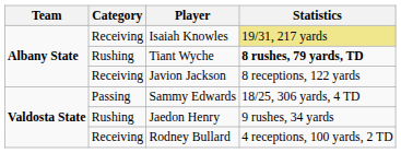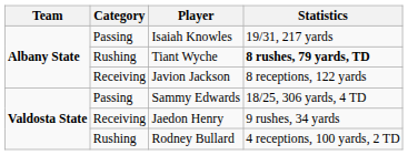 <table class="wikitable" style="float: left;">
 <tr>
 <th>Team</th>
 <th>Category</th>
 <th>Player</th>
 <th>Statistics</th>
 </tr>
 <tr>
 <td rowspan=3><strong>Albany State</strong></td>
-<td>Receiving</td>
+<td>Passing</td>
 <td>Isaiah Knowles</td>
-<td style="background: khaki;">19/31, 217 yards</td>
+<td>19/31, 217 yards</td>
 </tr>
 <tr>
 <td>Rushing</td>
 <td>Tiant Wyche</td>
 <td><strong>8 rushes, 79 yards, TD</strong></td>
 </tr>
 <tr>
 <td>Receiving</td>
 <td>Javion Jackson</td>
 <td>8 receptions, 122 yards</td>
 </tr>
 <tr>
 <td rowspan=3><strong>Valdosta State</strong></td>
 <td>Passing</td>
 <td>Sammy Edwards</td>
 <td>18/25, 306 yards, 4 TD</td>
 </tr>
 <tr>
-<td>Rushing</td>
+<td>Receiving</td>
 <td>Jaedon Henry</td>
 <td>9 rushes, 34 yards</td>
 </tr>
 <tr>
-<td>Receiving</td>
+<td>Rushing</td>
 <td>Rodney Bullard</td>
 <td>4 receptions, 100 yards, 2 TD</td>
 </tr>
 </table>
